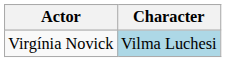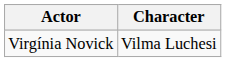 <table class="wikitable sortable">
 <tr style="background:#ccc;">
 <th>Actor</th>
 <th>Character</th>
 </tr>
 <tr>
 <td>Virgínia Novick</td>
-<td style="background: lightblue;">Vilma Luchesi</td>
+<td>Vilma Luchesi</td>
 </tr>
 </table>
